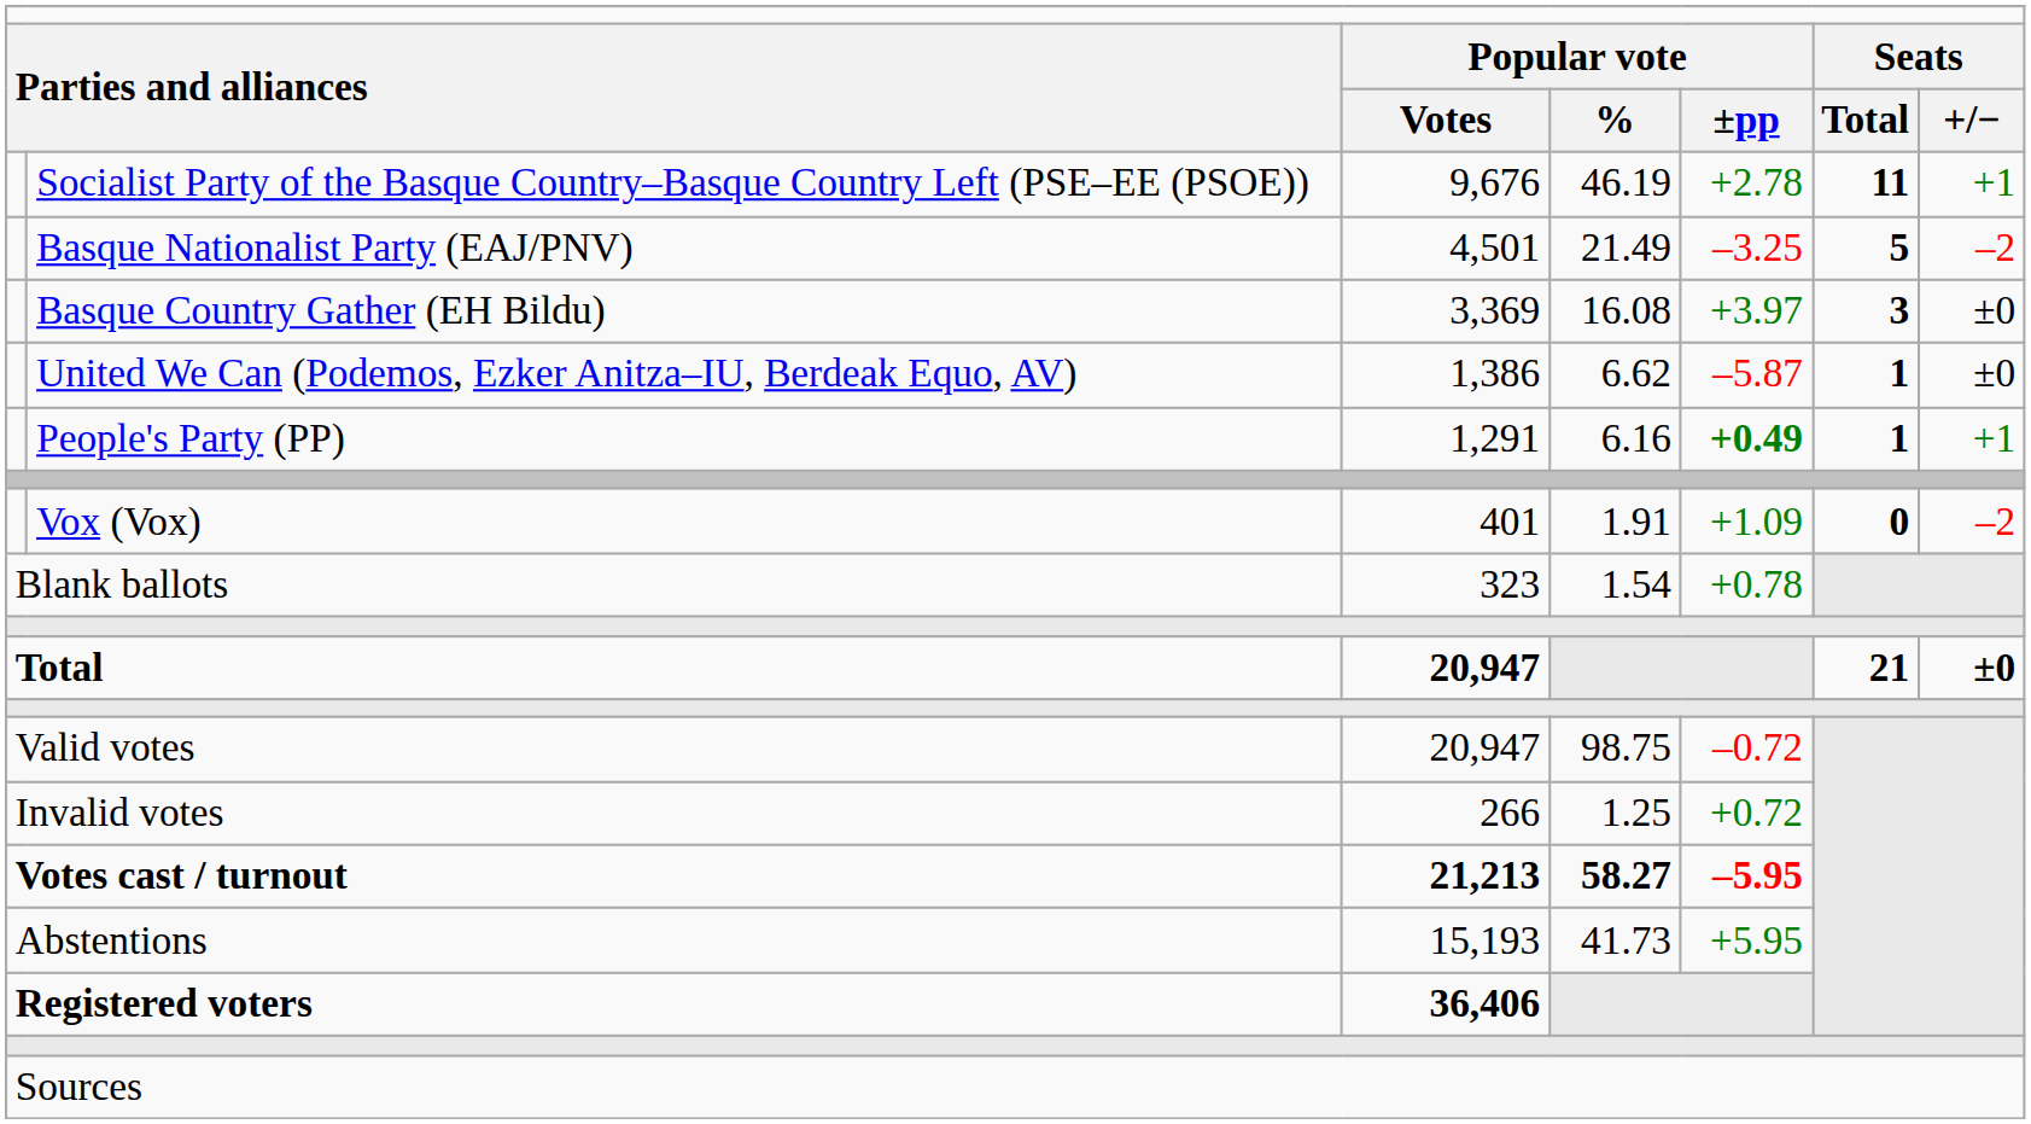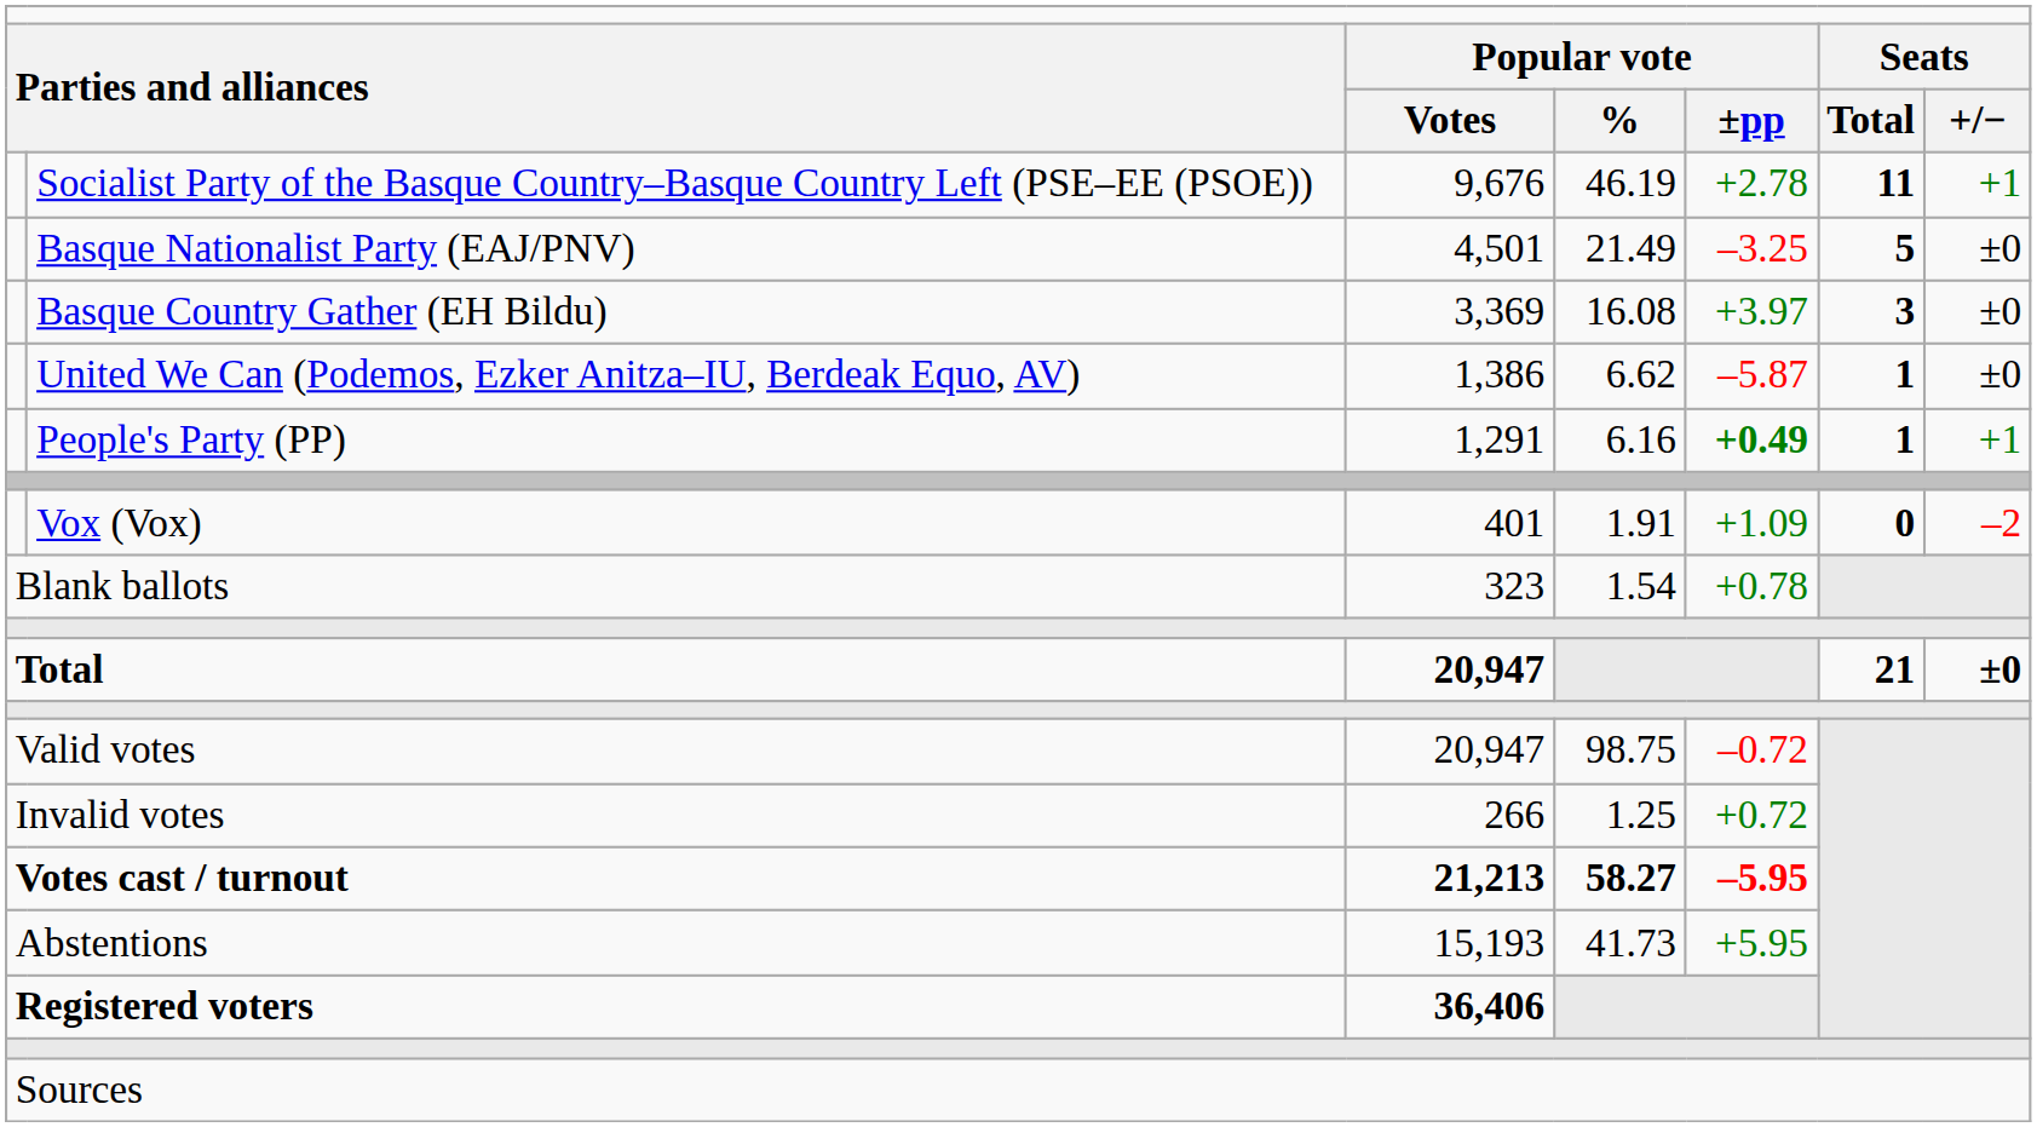 <table class="wikitable" style="text-align:right;">
 <tr>
 <td colspan="7"></td>
 </tr>
 <tr>
 <th style="text-align:left;" rowspan="2" colspan="2" width="525">Parties and alliances</th>
 <th colspan="3">Popular vote</th>
 <th colspan="2">Seats</th>
 </tr>
 <tr>
 <th width="75">Votes</th>
 <th width="45">%</th>
 <th width="45">±<a href='#'>pp</a></th>
 <th width="35">Total</th>
 <th width="35">+/−</th>
 </tr>
 <tr>
 <td width="1" style="color:inherit;background:"></td>
 <td align="left"><a href='#'>Socialist Party of the Basque Country–Basque Country Left</a> (PSE–EE (PSOE))</td>
 <td>9,676</td>
 <td>46.19</td>
 <td style="color:green;">+2.78</td>
 <td><strong>11</strong></td>
 <td style="color:green;">+1</td>
 </tr>
 <tr>
 <td style="color:inherit;background:"></td>
 <td align="left"><a href='#'>Basque Nationalist Party</a> (EAJ/PNV)</td>
 <td>4,501</td>
 <td>21.49</td>
 <td style="color:red;">–3.25</td>
 <td><strong>5</strong></td>
-<td style="color:red;">–2</td>
+<td>±0</td>
 </tr>
 <tr>
 <td style="color:inherit;background:"></td>
 <td align="left"><a href='#'>Basque Country Gather</a> (EH Bildu)</td>
 <td>3,369</td>
 <td>16.08</td>
 <td style="color:green;">+3.97</td>
 <td><strong>3</strong></td>
 <td>±0</td>
 </tr>
 <tr>
 <td style="color:inherit;background:"></td>
 <td align="left"><a href='#'>United We Can</a> (<a href='#'>Podemos</a>, <a href='#'>Ezker Anitza–IU</a>, <a href='#'>Berdeak Equo</a>, <a href='#'>AV</a>)</td>
 <td>1,386</td>
 <td>6.62</td>
 <td style="color:red;">–5.87</td>
 <td><strong>1</strong></td>
 <td>±0</td>
 </tr>
 <tr>
 <td style="color:inherit;background:"></td>
 <td align="left"><a href='#'>People's Party</a> (PP)</td>
 <td>1,291</td>
 <td>6.16</td>
 <td style="color:green;"><strong>+0.49</strong></td>
 <td><strong>1</strong></td>
 <td style="color:green;">+1</td>
 </tr>
 <tr>
 <td colspan="7" bgcolor="#C0C0C0"></td>
 </tr>
 <tr>
 <td style="color:inherit;background:"></td>
 <td align="left"><a href='#'>Vox</a> (Vox)</td>
 <td>401</td>
 <td>1.91</td>
 <td style="color:green;">+1.09</td>
 <td><strong>0</strong></td>
 <td style="color:red;">–2</td>
 </tr>
 <tr>
 <td align="left" colspan="2">Blank ballots</td>
 <td>323</td>
 <td>1.54</td>
 <td style="color:green;">+0.78</td>
 <td bgcolor="#E9E9E9" colspan="2"></td>
 </tr>
 <tr>
 <td colspan="7" bgcolor="#E9E9E9"></td>
 </tr>
 <tr style="font-weight:bold;">
 <td align="left" colspan="2">Total</td>
 <td>20,947</td>
 <td bgcolor="#E9E9E9" colspan="2"></td>
 <td>21</td>
 <td>±0</td>
 </tr>
 <tr>
 <td colspan="7" bgcolor="#E9E9E9"></td>
 </tr>
 <tr>
 <td align="left" colspan="2">Valid votes</td>
 <td>20,947</td>
 <td>98.75</td>
 <td style="color:red;">–0.72</td>
 <td bgcolor="#E9E9E9" colspan="2" rowspan="5"></td>
 </tr>
 <tr>
 <td align="left" colspan="2">Invalid votes</td>
 <td>266</td>
 <td>1.25</td>
 <td style="color:green;">+0.72</td>
 </tr>
 <tr style="font-weight:bold;">
 <td align="left" colspan="2">Votes cast / turnout</td>
 <td>21,213</td>
 <td>58.27</td>
 <td style="color:red;">–5.95</td>
 </tr>
 <tr>
 <td align="left" colspan="2">Abstentions</td>
 <td>15,193</td>
 <td>41.73</td>
 <td style="color:green;">+5.95</td>
 </tr>
 <tr style="font-weight:bold;">
 <td align="left" colspan="2">Registered voters</td>
 <td>36,406</td>
 <td bgcolor="#E9E9E9" colspan="2"></td>
 </tr>
 <tr>
 <td colspan="7" bgcolor="#E9E9E9"></td>
 </tr>
 <tr>
 <td align="left" colspan="7">Sources</td>
 </tr>
 </table>
